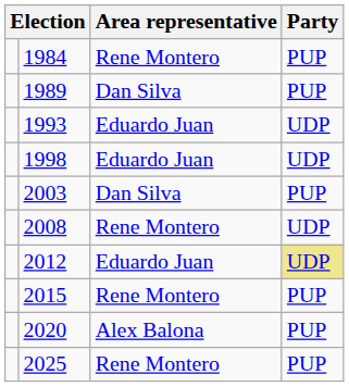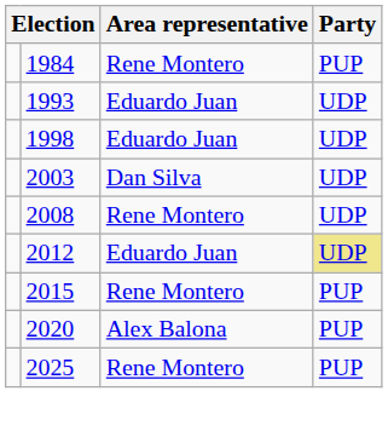 <table class="wikitable">
 <tr>
 <th colspan="2">Election</th>
 <th>Area representative</th>
 <th>Party</th>
 </tr>
 <tr>
 <td style="background-color: "></td>
 <td><a href='#'>1984</a></td>
 <td><a href='#'>Rene Montero</a></td>
-<td><a href='#'>PUP</a></td>
-</tr>
-<tr>
-<td style="background-color: "></td>
-<td><a href='#'>1989</a></td>
-<td><a href='#'>Dan Silva</a></td>
 <td><a href='#'>PUP</a></td>
 </tr>
 <tr>
 <td style="background-color: "></td>
 <td><a href='#'>1993</a></td>
 <td><a href='#'>Eduardo Juan</a></td>
 <td><a href='#'>UDP</a></td>
 </tr>
 <tr>
 <td style="background-color: "></td>
 <td><a href='#'>1998</a></td>
 <td><a href='#'>Eduardo Juan</a></td>
 <td><a href='#'>UDP</a></td>
 </tr>
 <tr>
 <td style="background-color: "></td>
 <td><a href='#'>2003</a></td>
 <td><a href='#'>Dan Silva</a></td>
-<td><a href='#'>PUP</a></td>
+<td><a href='#'>UDP</a></td>
 </tr>
 <tr>
 <td style="background-color: "></td>
 <td><a href='#'>2008</a></td>
 <td><a href='#'>Rene Montero</a></td>
 <td><a href='#'>UDP</a></td>
 </tr>
 <tr>
 <td style="background-color: "></td>
 <td><a href='#'>2012</a></td>
 <td><a href='#'>Eduardo Juan</a></td>
 <td style="background: khaki;"><a href='#'>UDP</a></td>
 </tr>
 <tr>
 <td style="background-color: "></td>
 <td><a href='#'>2015</a></td>
 <td><a href='#'>Rene Montero</a></td>
 <td><a href='#'>PUP</a></td>
 </tr>
 <tr>
 <td style="background-color: "></td>
 <td><a href='#'>2020</a></td>
 <td><a href='#'>Alex Balona</a></td>
 <td><a href='#'>PUP</a></td>
 </tr>
 <tr>
 <td style="background-color: "></td>
 <td><a href='#'>2025</a></td>
 <td><a href='#'>Rene Montero</a></td>
 <td><a href='#'>PUP</a></td>
 </tr>
 </table>
